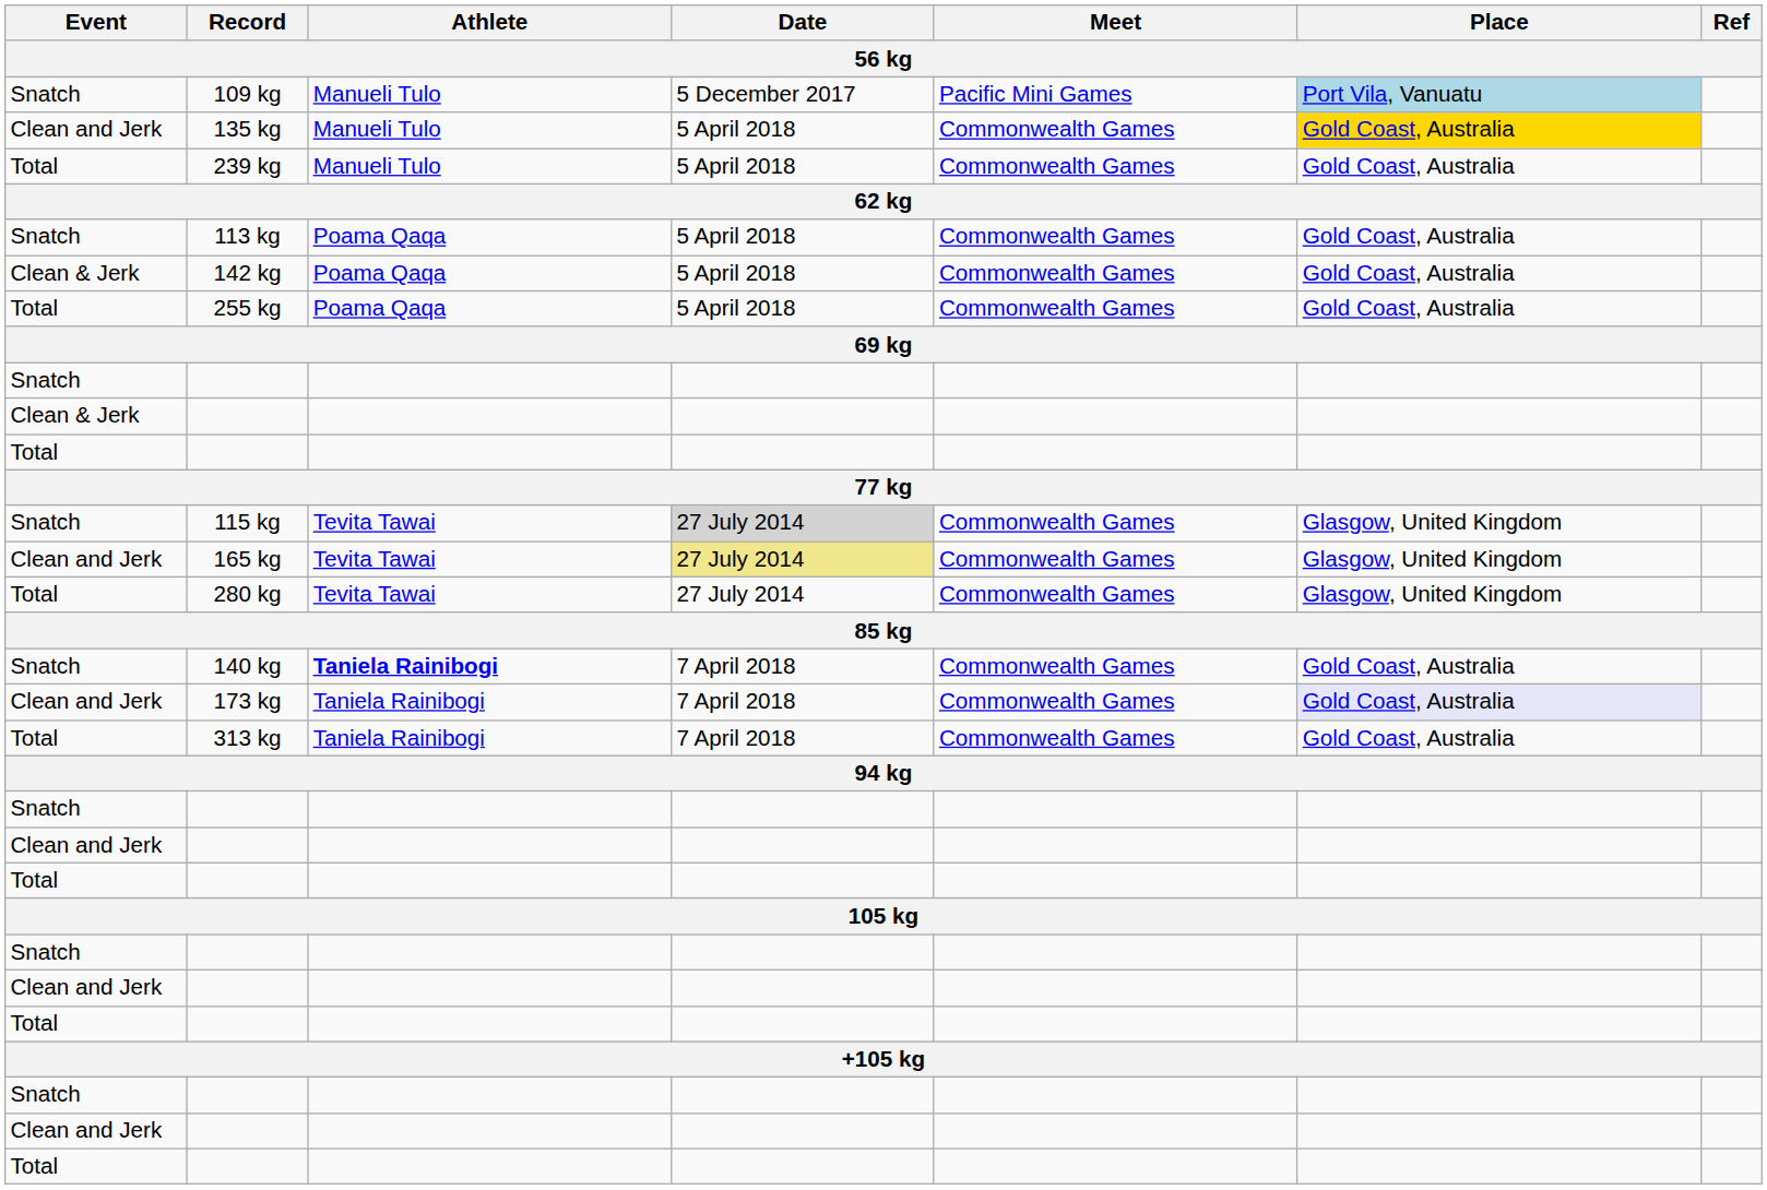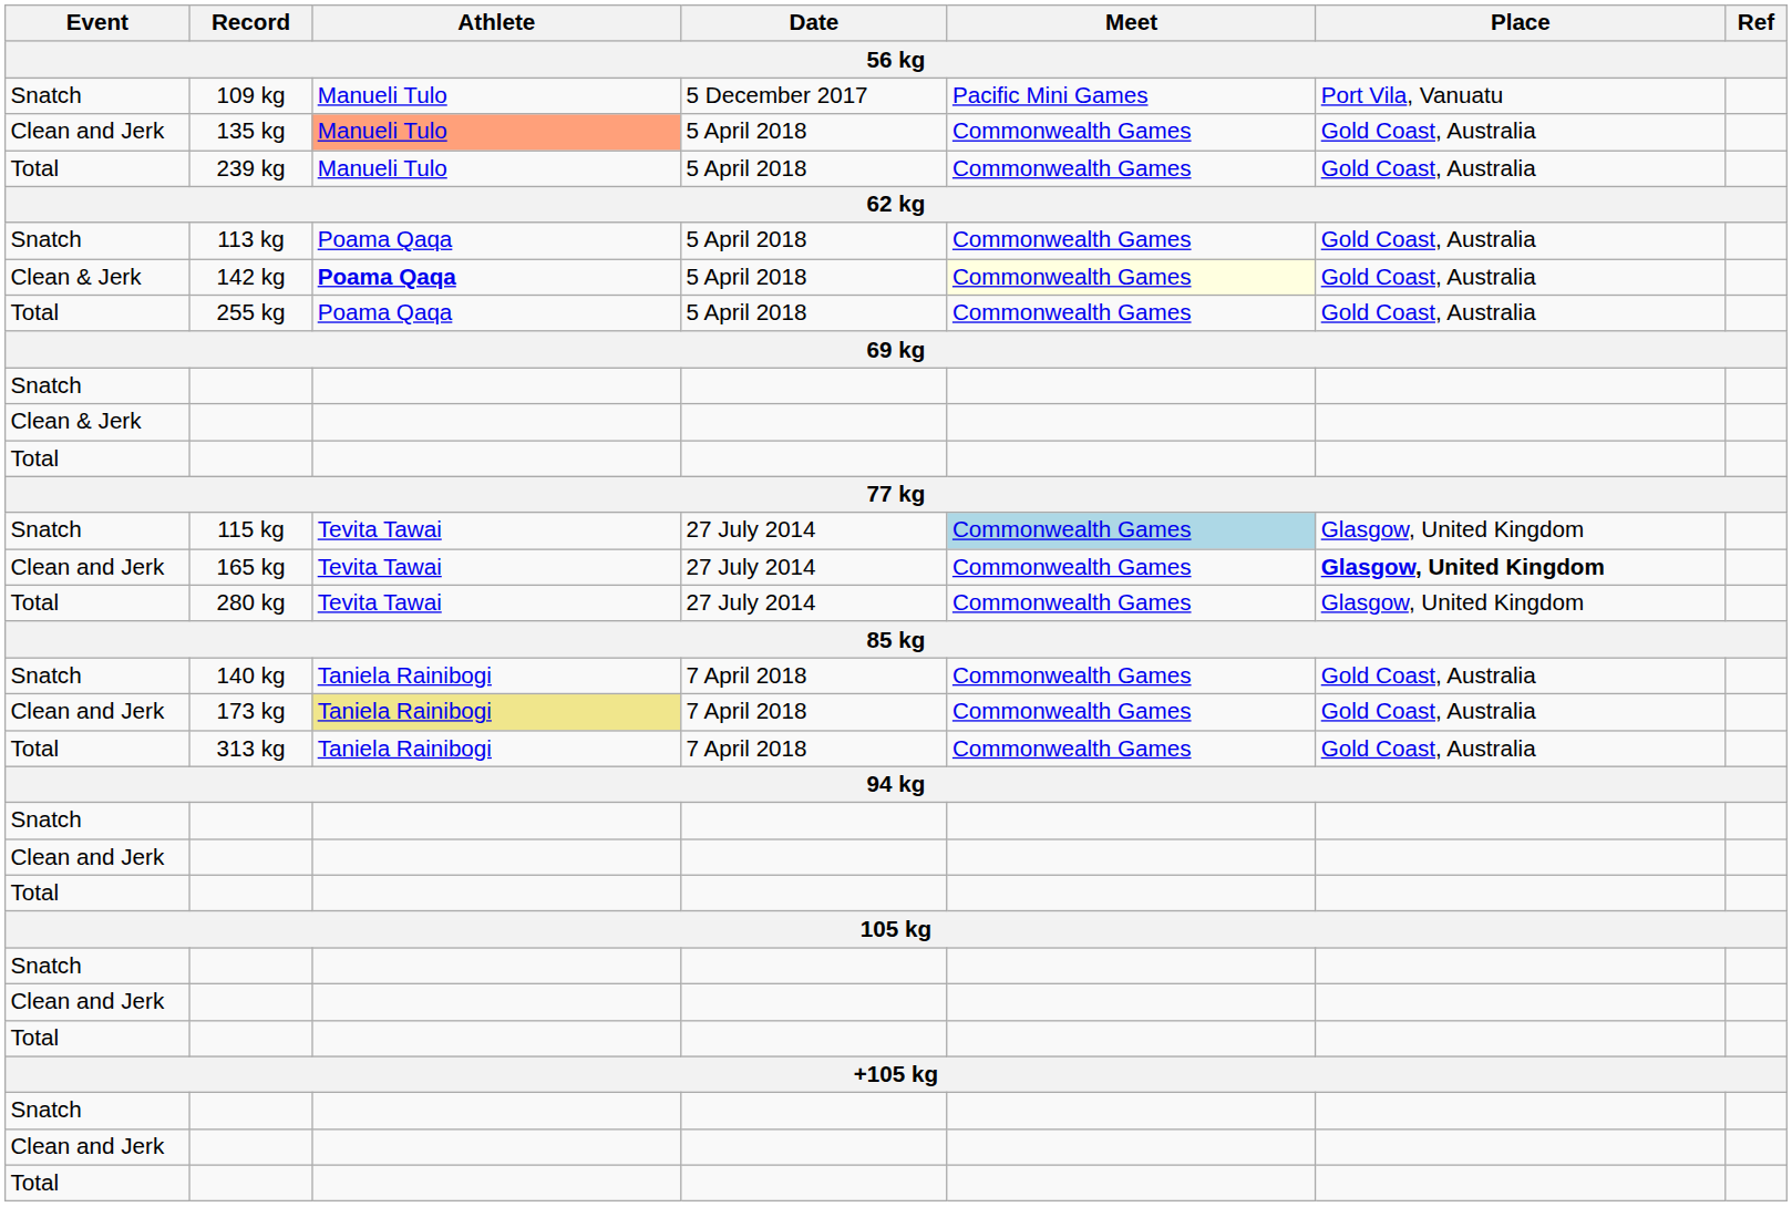 <table class="wikitable">
 <tr>
 <th width=9%>Event</th>
 <th width=6%>Record</th>
 <th width=18%>Athlete</th>
 <th width=13%>Date</th>
 <th width=18%>Meet</th>
 <th width=20%>Place</th>
 <th width=3%>Ref</th>
 </tr>
 <tr bgcolor="#DDDDDD">
 <th colspan="8">56 kg</th>
 </tr>
 <tr>
 <td>Snatch</td>
 <td align="center">109 kg</td>
 <td><a href='#'>Manueli Tulo</a></td>
 <td>5 December 2017</td>
 <td><a href='#'>Pacific Mini Games</a></td>
-<td style="background: lightblue;"> <a href='#'>Port Vila</a>, Vanuatu</td>
+<td> <a href='#'>Port Vila</a>, Vanuatu</td>
 <td></td>
 </tr>
 <tr>
 <td>Clean and Jerk</td>
 <td align="center">135 kg</td>
-<td><a href='#'>Manueli Tulo</a></td>
+<td style="background: lightsalmon;"><a href='#'>Manueli Tulo</a></td>
 <td>5 April 2018</td>
 <td><a href='#'>Commonwealth Games</a></td>
-<td style="background: gold;"> <a href='#'>Gold Coast</a>, Australia</td>
+<td> <a href='#'>Gold Coast</a>, Australia</td>
 <td></td>
 </tr>
 <tr>
 <td>Total</td>
 <td align="center">239 kg</td>
 <td><a href='#'>Manueli Tulo</a></td>
 <td>5 April 2018</td>
 <td><a href='#'>Commonwealth Games</a></td>
 <td> <a href='#'>Gold Coast</a>, Australia</td>
 <td></td>
 </tr>
 <tr bgcolor="#DDDDDD">
 <th colspan="8">62 kg</th>
 </tr>
 <tr>
 <td>Snatch</td>
 <td align="center">113 kg</td>
 <td><a href='#'>Poama Qaqa</a></td>
 <td>5 April 2018</td>
 <td><a href='#'>Commonwealth Games</a></td>
 <td> <a href='#'>Gold Coast</a>, Australia</td>
 <td></td>
 </tr>
 <tr>
 <td>Clean & Jerk</td>
 <td align="center">142 kg</td>
-<td><a href='#'>Poama Qaqa</a></td>
+<td><strong><a href='#'>Poama Qaqa</a></strong></td>
 <td>5 April 2018</td>
-<td><a href='#'>Commonwealth Games</a></td>
+<td style="background: lightyellow;"><a href='#'>Commonwealth Games</a></td>
 <td> <a href='#'>Gold Coast</a>, Australia</td>
 <td></td>
 </tr>
 <tr>
 <td>Total</td>
 <td align="center">255 kg</td>
 <td><a href='#'>Poama Qaqa</a></td>
 <td>5 April 2018</td>
 <td><a href='#'>Commonwealth Games</a></td>
 <td> <a href='#'>Gold Coast</a>, Australia</td>
 <td></td>
 </tr>
 <tr bgcolor="#DDDDDD">
 <th colspan="8">69 kg</th>
 </tr>
 <tr>
 <td>Snatch</td>
 <td></td>
 <td></td>
 <td></td>
 <td></td>
 <td></td>
 <td></td>
 </tr>
 <tr>
 <td>Clean & Jerk</td>
 <td align="center"></td>
 <td></td>
 <td></td>
 <td></td>
 <td></td>
 <td></td>
 </tr>
 <tr>
 <td>Total</td>
 <td></td>
 <td></td>
 <td></td>
 <td></td>
 <td></td>
 <td></td>
 </tr>
 <tr bgcolor="#DDDDDD">
 <th colspan="8">77 kg</th>
 </tr>
 <tr>
 <td>Snatch</td>
 <td align="center">115 kg</td>
 <td><a href='#'>Tevita Tawai</a></td>
-<td style="background: lightgrey;">27 July 2014</td>
-<td><a href='#'>Commonwealth Games</a></td>
+<td>27 July 2014</td>
+<td style="background: lightblue;"><a href='#'>Commonwealth Games</a></td>
 <td> <a href='#'>Glasgow</a>, United Kingdom</td>
 <td></td>
 </tr>
 <tr>
 <td>Clean and Jerk</td>
 <td align="center">165 kg</td>
 <td><a href='#'>Tevita Tawai</a></td>
-<td style="background: khaki;">27 July 2014</td>
+<td>27 July 2014</td>
 <td><a href='#'>Commonwealth Games</a></td>
-<td> <a href='#'>Glasgow</a>, United Kingdom</td>
+<td><strong> <a href='#'>Glasgow</a>, United Kingdom</strong></td>
 <td></td>
 </tr>
 <tr>
 <td>Total</td>
 <td align="center">280 kg</td>
 <td><a href='#'>Tevita Tawai</a></td>
 <td>27 July 2014</td>
 <td><a href='#'>Commonwealth Games</a></td>
 <td> <a href='#'>Glasgow</a>, United Kingdom</td>
 <td></td>
 </tr>
 <tr bgcolor="#DDDDDD">
 <th colspan="8">85 kg</th>
 </tr>
 <tr>
 <td>Snatch</td>
 <td align="center">140 kg</td>
-<td><strong><a href='#'>Taniela Rainibogi</a></strong></td>
+<td><a href='#'>Taniela Rainibogi</a></td>
 <td>7 April 2018</td>
 <td><a href='#'>Commonwealth Games</a></td>
 <td> <a href='#'>Gold Coast</a>, Australia</td>
 <td></td>
 </tr>
 <tr>
 <td>Clean and Jerk</td>
 <td align="center">173 kg</td>
-<td><a href='#'>Taniela Rainibogi</a></td>
+<td style="background: khaki;"><a href='#'>Taniela Rainibogi</a></td>
 <td>7 April 2018</td>
 <td><a href='#'>Commonwealth Games</a></td>
-<td style="background: lavender;"> <a href='#'>Gold Coast</a>, Australia</td>
+<td> <a href='#'>Gold Coast</a>, Australia</td>
 <td></td>
 </tr>
 <tr>
 <td>Total</td>
 <td align="center">313 kg</td>
 <td><a href='#'>Taniela Rainibogi</a></td>
 <td>7 April 2018</td>
 <td><a href='#'>Commonwealth Games</a></td>
 <td> <a href='#'>Gold Coast</a>, Australia</td>
 <td></td>
 </tr>
 <tr bgcolor="#DDDDDD">
 <th colspan="8">94 kg</th>
 </tr>
 <tr>
 <td>Snatch</td>
 <td></td>
 <td></td>
 <td></td>
 <td></td>
 <td></td>
 <td></td>
 </tr>
 <tr>
 <td>Clean and Jerk</td>
 <td align="center"></td>
 <td></td>
 <td></td>
 <td></td>
 <td></td>
 <td></td>
 </tr>
 <tr>
 <td>Total</td>
 <td></td>
 <td></td>
 <td></td>
 <td></td>
 <td></td>
 <td></td>
 </tr>
 <tr bgcolor="#DDDDDD">
 <th colspan="8">105 kg</th>
 </tr>
 <tr>
 <td>Snatch</td>
 <td align="center"></td>
 <td></td>
 <td></td>
 <td></td>
 <td></td>
 <td></td>
 </tr>
 <tr>
 <td>Clean and Jerk</td>
 <td></td>
 <td></td>
 <td></td>
 <td></td>
 <td></td>
 <td></td>
 </tr>
 <tr>
 <td>Total</td>
 <td align="center"></td>
 <td></td>
 <td></td>
 <td></td>
 <td></td>
 <td></td>
 </tr>
 <tr bgcolor="#DDDDDD">
 <th colspan="8">+105 kg</th>
 </tr>
 <tr>
 <td>Snatch</td>
 <td></td>
 <td></td>
 <td></td>
 <td></td>
 <td></td>
 <td></td>
 </tr>
 <tr>
 <td>Clean and Jerk</td>
 <td></td>
 <td></td>
 <td></td>
 <td></td>
 <td></td>
 <td></td>
 </tr>
 <tr>
 <td>Total</td>
 <td></td>
 <td></td>
 <td></td>
 <td></td>
 <td></td>
 <td></td>
 </tr>
 </table>
